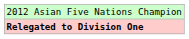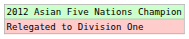 <table class="wikitable">
 <tr style="width:10px; background:#cfc;">
 <td>2012 Asian Five Nations Champion</td>
 </tr>
 <tr style="width:10px; background:#fcc;">
-<td><strong>Relegated to Division One</strong></td>
+<td>Relegated to Division One</td>
 </tr>
 </table>
